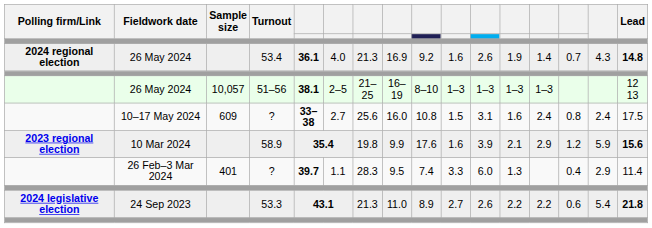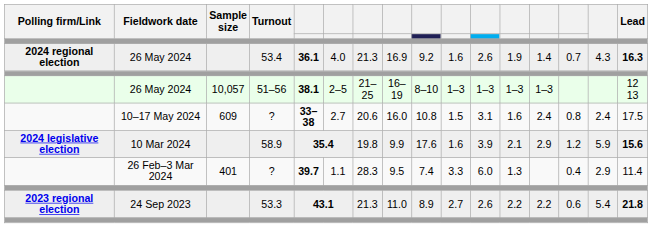 <table class="wikitable collapsible sortable" style="text-align:center; font-size:95%; line-height:16px;">
 <tr style="height:42px;">
 <th rowspan="2" style="width:150px;">Polling firm/Link</th>
 <th rowspan="2" style="width:125px;">Fieldwork date</th>
 <th rowspan="2" class="unsortable" style="width:50px;">Sample size</th>
 <th rowspan="2" class="unsortable" style="width:45px;">Turnout</th>
 <th class="unsortable" style="width:35px;"></th>
 <th class="unsortable" style="width:35px;"></th>
 <th class="unsortable" style="width:35px;"></th>
 <th class="unsortable" style="width:35px;"></th>
 <th class="unsortable" style="width:35px;"></th>
 <th class="unsortable" style="width:35px;"></th>
 <th class="unsortable" style="width:35px;"></th>
 <th class="unsortable" style="width:35px;"></th>
 <th class="unsortable" style="width:35px;"></th>
 <th class="unsortable" style="width:35px;"></th>
 <th rowspan="2" class="unsortable" style="width:35px;"></th>
 <th rowspan="2" class="unsortable" style="width:30px;">Lead</th>
 </tr>
 <tr>
 <th class="unsortable" style="color:inherit;background:"></th>
 <th class="unsortable" style="color:inherit;background:"></th>
 <th class="unsortable" style="color:inherit;background:"></th>
 <th class="unsortable" style="color:inherit;background:"></th>
 <th class="sortable" style="background:#202056;"></th>
 <th class="unsortable" style="color:inherit;background:"></th>
 <th class="sortable" style="background:#00ADEF;"></th>
 <th class="sortable" style="background:"></th>
 <th class="unsortable" style="color:inherit;background:"></th>
 <th class="unsortable" style="color:inherit;background:"></th>
 </tr>
 <tr>
 <td colspan="16" style="background:#A0A0A0"></td>
 </tr>
 <tr style="background:#EFEFEF">
 <td><strong>2024 regional election</strong></td>
 <td>26 May 2024</td>
 <td></td>
 <td>53.4</td>
 <td><strong>36.1</strong><br></td>
 <td>4.0<br></td>
 <td>21.3<br></td>
 <td>16.9<br></td>
 <td>9.2<br></td>
 <td>1.6<br></td>
 <td>2.6<br></td>
 <td>1.9<br></td>
 <td>1.4<br></td>
 <td>0.7<br></td>
 <td>4.3<br></td>
-<td style="background:"><strong>14.8</strong></td>
+<td style="background:"><strong>16.3</strong></td>
 </tr>
 <tr>
 <td colspan="16" style="background:#A0A0A0"></td>
 </tr>
 <tr style="background:#EAFFEA">
 <td></td>
 <td>26 May 2024</td>
 <td>10,057</td>
 <td>51–56</td>
 <td><strong>38.1</strong><br></td>
 <td>2–5<br></td>
 <td>21–25<br></td>
 <td>16–19<br></td>
 <td>8–10<br></td>
 <td>1–3<br></td>
 <td>1–3<br></td>
 <td>1–3<br></td>
 <td>1–3<br></td>
 <td></td>
 <td></td>
 <td style="background:">12<br>13</td>
 </tr>
 <tr>
 <td></td>
 <td>10–17 May 2024</td>
 <td>609</td>
 <td>?</td>
 <td><strong>33–38</strong><br></td>
 <td>2.7<br></td>
-<td>25.6<br></td>
+<td>20.6<br></td>
 <td>16.0<br></td>
 <td>10.8<br></td>
 <td>1.5<br></td>
 <td>3.1<br></td>
 <td>1.6<br></td>
 <td>2.4<br></td>
 <td>0.8<br></td>
 <td>2.4<br></td>
 <td style="background:">17.5</td>
 </tr>
 <tr style="background:#EFEFEF;">
-<td><strong><a href='#'>2023 regional election</a></strong></td>
+<td><strong><a href='#'>2024 legislative election</a></strong></td>
 <td>10 Mar 2024</td>
 <td></td>
 <td>58.9</td>
 <td colspan="2" ><strong>35.4</strong><br></td>
 <td>19.8<br></td>
 <td>9.9<br></td>
 <td>17.6<br></td>
 <td>1.6<br></td>
 <td>3.9<br></td>
 <td>2.1<br></td>
 <td>2.9<br></td>
 <td>1.2<br></td>
 <td>5.9<br></td>
 <td style="background:"><strong>15.6</strong></td>
 </tr>
 <tr>
 <td></td>
 <td>26 Feb–3 Mar 2024</td>
 <td>401</td>
 <td>?</td>
 <td><strong>39.7</strong><br></td>
 <td>1.1<br></td>
 <td>28.3<br></td>
 <td>9.5<br></td>
 <td>7.4<br></td>
 <td>3.3<br></td>
 <td>6.0<br></td>
 <td>1.3<br></td>
 <td></td>
 <td>0.4<br></td>
 <td>2.9<br></td>
 <td style="background:">11.4</td>
 </tr>
 <tr>
 <td colspan="17" style="background:#A0A0A0"></td>
 </tr>
 <tr style="background:#EFEFEF;">
-<td><strong><a href='#'>2024 legislative election</a></strong></td>
+<td><strong><a href='#'>2023 regional election</a></strong></td>
 <td data-sort-value="2015-03-29">24 Sep 2023</td>
 <td></td>
 <td>53.3</td>
 <td colspan="2" ><strong>43.1</strong><br></td>
 <td>21.3<br></td>
 <td>11.0<br></td>
 <td>8.9<br></td>
 <td>2.7<br></td>
 <td>2.6<br></td>
 <td>2.2<br></td>
 <td>2.2<br></td>
 <td>0.6<br></td>
 <td>5.4<br></td>
 <td style="background:"><strong>21.8</strong></td>
 </tr>
 <tr>
 <td colspan="17" style="background:#A0A0A0"></td>
 </tr>
 </table>
